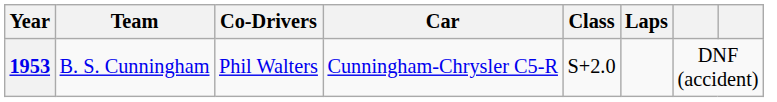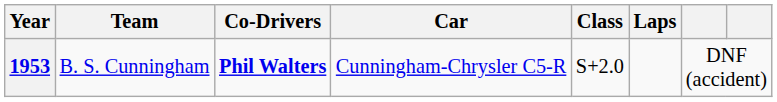 <table class="wikitable" style="text-align:center; font-size:90%">
 <tr>
 <th>Year</th>
 <th>Team</th>
 <th>Co-Drivers</th>
 <th>Car</th>
 <th>Class</th>
 <th>Laps</th>
 <th></th>
 <th></th>
 </tr>
 <tr>
 <th><a href='#'>1953</a></th>
 <td align="left"> <a href='#'>B. S. Cunningham</a></td>
-<td align="left"> <a href='#'>Phil Walters</a></td>
+<td align="left"><strong> <a href='#'>Phil Walters</a></strong></td>
 <td align="left"><a href='#'>Cunningham-Chrysler C5-R</a></td>
 <td>S+2.0</td>
 <td></td>
 <td colspan=2>DNF<br>(accident)</td>
 </tr>
 </table>
